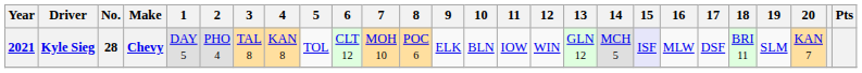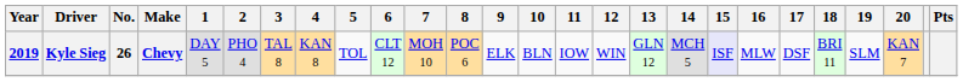 <table class="wikitable" style="text-align:center; font-size:75%">
 <tr>
 <th>Year</th>
 <th>Driver</th>
 <th>No.</th>
 <th>Make</th>
 <th>1</th>
 <th>2</th>
 <th>3</th>
 <th>4</th>
 <th>5</th>
 <th>6</th>
 <th>7</th>
 <th>8</th>
 <th>9</th>
 <th>10</th>
 <th>11</th>
 <th>12</th>
 <th>13</th>
 <th>14</th>
 <th>15</th>
 <th>16</th>
 <th>17</th>
 <th>18</th>
 <th>19</th>
 <th>20</th>
 <th></th>
 <th>Pts</th>
 </tr>
 <tr>
-<th><a href='#'>2021</a></th>
+<th><a href='#'>2019</a></th>
 <th><a href='#'>Kyle Sieg</a></th>
-<th>28</th>
+<th>26</th>
 <th><a href='#'>Chevy</a></th>
 <td style="background:#DFDFDF;"><a href='#'>DAY</a><br><small>5</small></td>
 <td style="background:#DFDFDF;"><a href='#'>PHO</a><br><small>4</small></td>
 <td style="background:#FFDF9F;"><a href='#'>TAL</a><br><small>8</small></td>
 <td style="background:#FFDF9F;"><a href='#'>KAN</a><br><small>8</small></td>
 <td><a href='#'>TOL</a></td>
 <td style="background:#DFFFDF;"><a href='#'>CLT</a><br><small>12</small></td>
 <td style="background:#FFDF9F;"><a href='#'>MOH</a><br><small>10</small></td>
 <td style="background:#FFDF9F;"><a href='#'>POC</a><br><small>6</small></td>
 <td><a href='#'>ELK</a></td>
 <td><a href='#'>BLN</a></td>
 <td><a href='#'>IOW</a></td>
 <td><a href='#'>WIN</a></td>
 <td style="background:#DFFFDF;"><a href='#'>GLN</a><br><small>12</small></td>
 <td style="background:#DFDFDF;"><a href='#'>MCH</a><br><small>5</small></td>
 <td style="background: lavender;"><a href='#'>ISF</a></td>
 <td><a href='#'>MLW</a></td>
 <td><a href='#'>DSF</a></td>
 <td style="background:#DFFFDF;"><a href='#'>BRI</a><br><small>11</small></td>
 <td><a href='#'>SLM</a></td>
 <td style="background:#FFDF9F;'"><a href='#'>KAN</a><br><small>7</small></td>
 <th></th>
 <th></th>
 </tr>
 <tr>
 </tr>
 </table>
